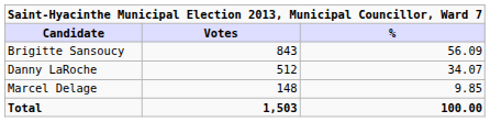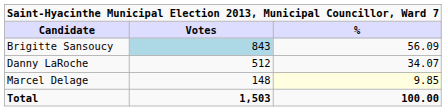 <table class="wikitable sortable">
 <tr>
 <td colspan="3" style="text-align:center;"><strong>Saint-Hyacinthe Municipal Election 2013, Municipal Councillor, Ward 7</strong></td>
 </tr>
 <tr>
 <th style="background:#ddf; width:150px;">Candidate</th>
 <th style="background:#ddf;">Votes</th>
 <th style="background:#ddf;">%</th>
 </tr>
 <tr>
 <td>Brigitte Sansoucy</td>
-<td align=right>843</td>
+<td align=right style="background: lightblue;">843</td>
 <td align=right>56.09</td>
 </tr>
 <tr>
 <td>Danny LaRoche</td>
 <td align=right>512</td>
 <td align=right>34.07</td>
 </tr>
 <tr>
 <td>Marcel Delage</td>
 <td align=right>148</td>
-<td align=right>9.85</td>
+<td align=right style="background: lightyellow;">9.85</td>
 </tr>
 <tr>
 <td><strong>Total</strong></td>
 <td align=right><strong>1,503</strong></td>
 <td align=right><strong>100.00</strong></td>
 </tr>
 </table>
